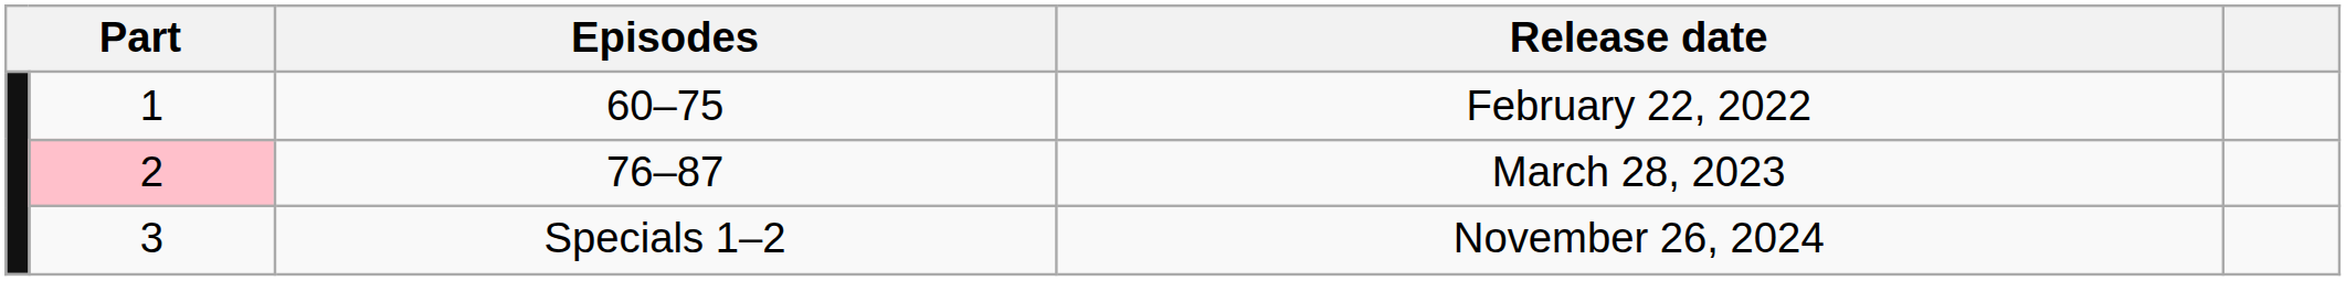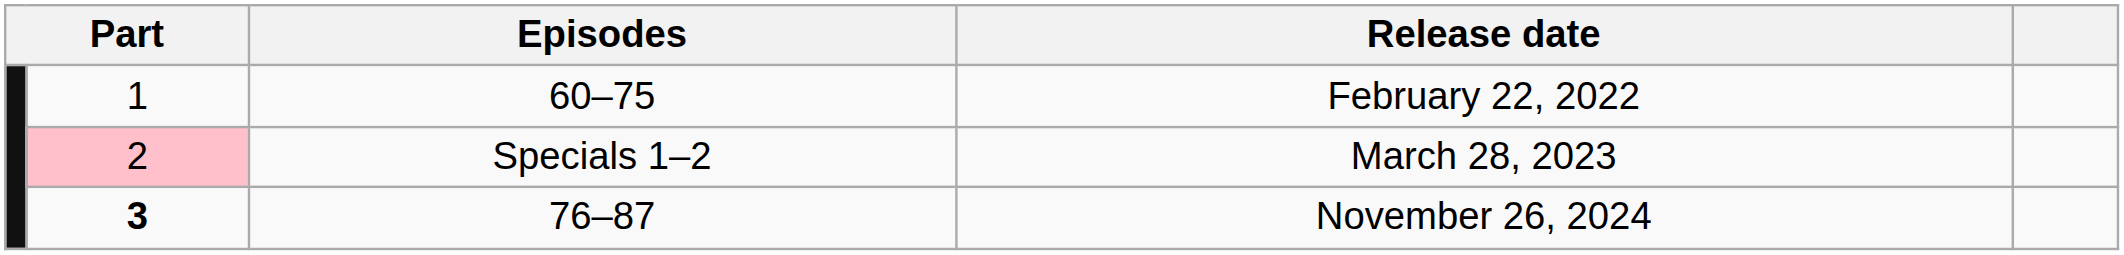 <table class="wikitable" style="text-align: center; width: 70%;">
 <tr>
 <th colspan="2">Part</th>
 <th>Episodes</th>
 <th scope="column">Release date</th>
 <th width="5%"></th>
 </tr>
 <tr>
 <td rowspan="3" width="1%" style="background: #111;"></td>
 <td>1</td>
 <td>60–75</td>
 <td>February 22, 2022</td>
 <td></td>
 </tr>
 <tr>
 <td style="background: pink;">2</td>
-<td>76–87</td>
+<td>Specials 1–2</td>
 <td>March 28, 2023</td>
 <td></td>
 </tr>
 <tr>
-<td>3</td>
-<td>Specials 1–2</td>
+<td><strong>3</strong></td>
+<td>76–87</td>
 <td>November 26, 2024</td>
 <td></td>
 </tr>
 </table>
